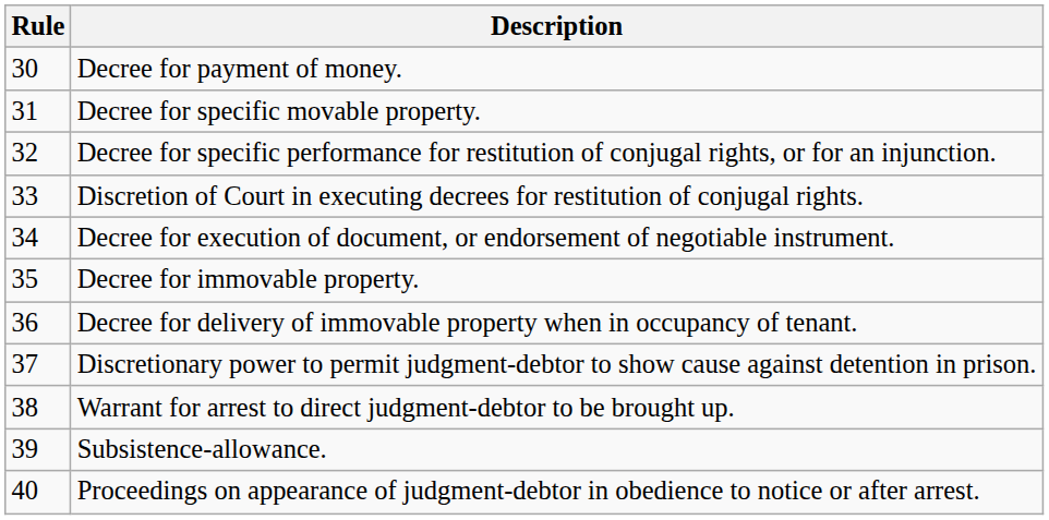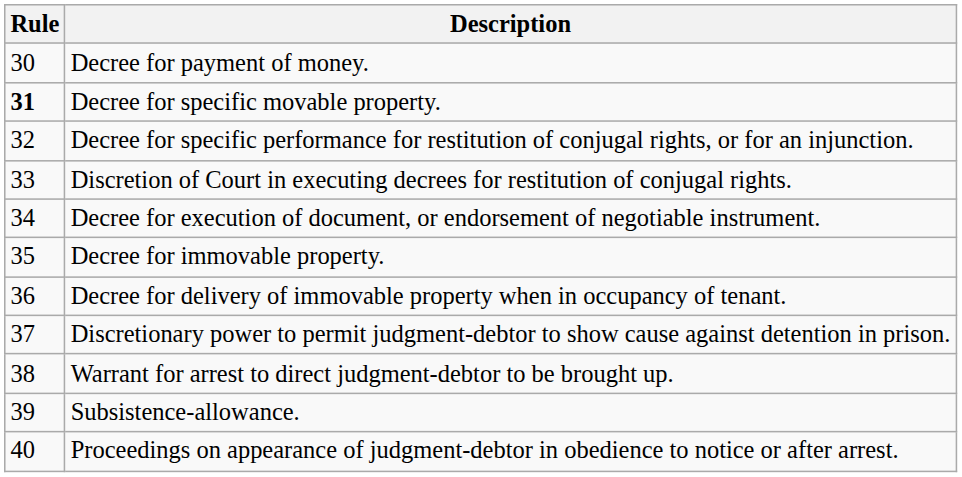 <table class="wikitable">
 <tr>
 <th>Rule</th>
 <th>Description</th>
 </tr>
 <tr>
 <td>30</td>
 <td>Decree for payment of money.</td>
 </tr>
 <tr>
-<td>31</td>
+<td><strong>31</strong></td>
 <td>Decree for specific movable property.</td>
 </tr>
 <tr>
 <td>32</td>
 <td>Decree for specific performance for restitution of conjugal rights, or for an injunction.</td>
 </tr>
 <tr>
 <td>33</td>
 <td>Discretion of Court in executing decrees for restitution of conjugal rights.</td>
 </tr>
 <tr>
 <td>34</td>
 <td>Decree for execution of document, or endorsement of negotiable instrument.</td>
 </tr>
 <tr>
 <td>35</td>
 <td>Decree for immovable property.</td>
 </tr>
 <tr>
 <td>36</td>
 <td>Decree for delivery of immovable property when in occupancy of tenant.</td>
 </tr>
 <tr>
 <td>37</td>
 <td>Discretionary power to permit judgment-debtor to show cause against detention in prison.</td>
 </tr>
 <tr>
 <td>38</td>
 <td>Warrant for arrest to direct judgment-debtor to be brought up.</td>
 </tr>
 <tr>
 <td>39</td>
 <td>Subsistence-allowance.</td>
 </tr>
 <tr>
 <td>40</td>
 <td>Proceedings on appearance of judgment-debtor in obedience to notice or after arrest.</td>
 </tr>
 </table>
